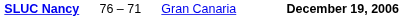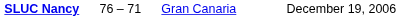 <table style="text-align:center">
 <tr>
 <th width=160></th>
 <th width=100></th>
 <th width=160></th>
 <th width=200></th>
 </tr>
 <tr>
 <td align=right><strong><a href='#'>SLUC Nancy</a></strong> </td>
 <td>76 – 71</td>
 <td align=left> <a href='#'>Gran Canaria</a></td>
-<td align=left><strong>December 19, 2006</strong></td>
+<td align=left>December 19, 2006</td>
 </tr>
 </table>
